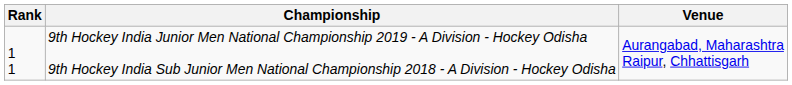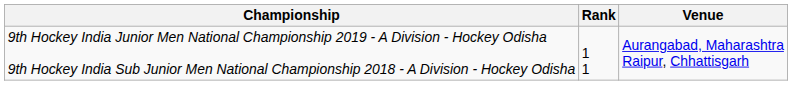 <table class="wikitable" style="text-align: left;">
 <tr>
+<th>Championship</th>
 <th>Rank</th>
-<th>Championship</th>
 <th>Venue</th>
 </tr>
 <tr>
+<td><em>9th Hockey India Junior Men National Championship 2019 - A Division - Hockey Odisha</em> <br><br><em>9th Hockey India Sub Junior Men National Championship 2018 - A Division - Hockey Odisha</em> <br></td>
 <td><div><br>1 <br> 1</div></td>
-<td><em>9th Hockey India Junior Men National Championship 2019 - A Division - Hockey Odisha</em> <br><br><em>9th Hockey India Sub Junior Men National Championship 2018 - A Division - Hockey Odisha</em> <br></td>
 <td><a href='#'>Aurangabad, Maharashtra</a> <br> <a href='#'>Raipur</a>, <a href='#'>Chhattisgarh</a></td>
 </tr>
 </table>
